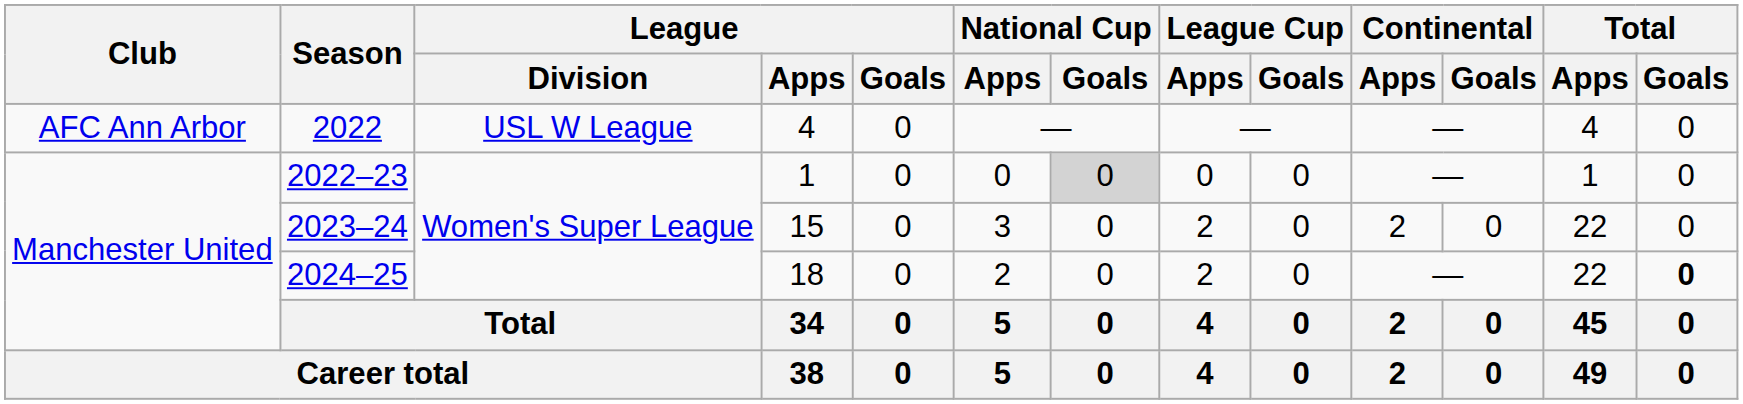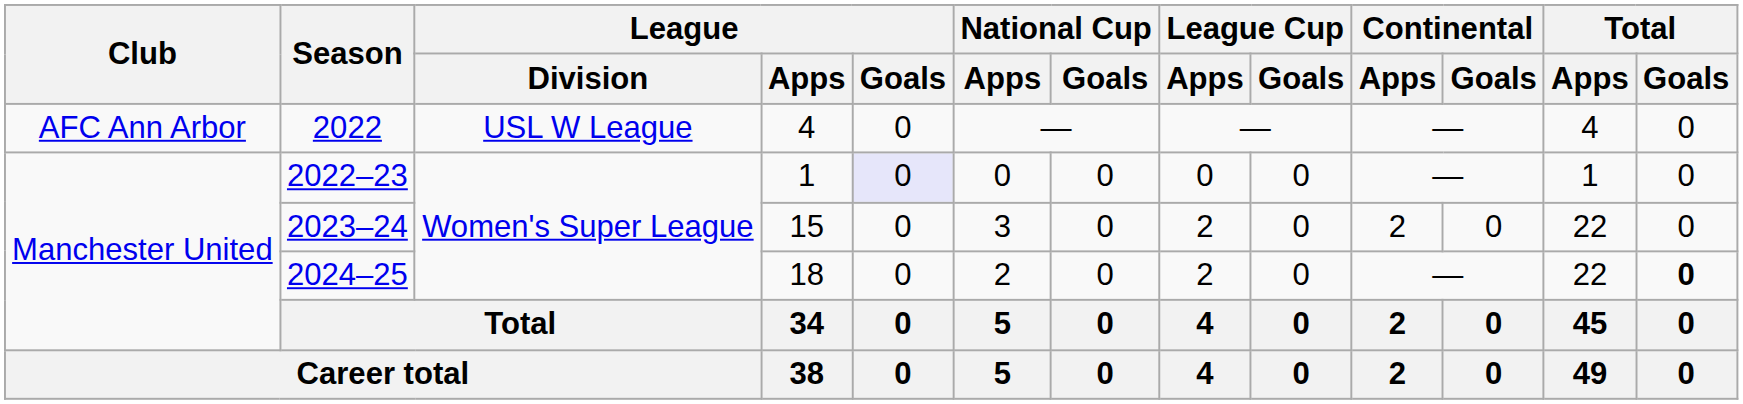 <table class="wikitable" style="text-align: center;">
 <tr>
 <th rowspan="2">Club</th>
 <th rowspan="2">Season</th>
 <th colspan="3">League</th>
 <th colspan="2">National Cup</th>
 <th colspan="2">League Cup</th>
 <th colspan="2">Continental</th>
 <th colspan="2">Total</th>
 </tr>
 <tr>
 <th>Division</th>
 <th>Apps</th>
 <th>Goals</th>
 <th>Apps</th>
 <th>Goals</th>
 <th>Apps</th>
 <th>Goals</th>
 <th>Apps</th>
 <th>Goals</th>
 <th>Apps</th>
 <th>Goals</th>
 </tr>
 <tr>
 <td><a href='#'>AFC Ann Arbor</a></td>
 <td><a href='#'>2022</a></td>
 <td><a href='#'>USL W League</a></td>
 <td>4</td>
 <td>0</td>
 <td colspan="2">—</td>
 <td colspan="2">—</td>
 <td colspan="2">—</td>
 <td>4</td>
 <td>0</td>
 </tr>
 <tr>
 <td rowspan="4"><a href='#'>Manchester United</a></td>
 <td><a href='#'>2022–23</a></td>
 <td rowspan="3"><a href='#'>Women's Super League</a></td>
 <td>1</td>
+<td style="background: lavender;">0</td>
 <td>0</td>
 <td>0</td>
-<td style="background: lightgrey;">0</td>
 <td>0</td>
 <td>0</td>
 <td colspan="2">—</td>
 <td>1</td>
 <td>0</td>
 </tr>
 <tr>
 <td><a href='#'>2023–24</a></td>
 <td>15</td>
 <td>0</td>
 <td>3</td>
 <td>0</td>
 <td>2</td>
 <td>0</td>
 <td>2</td>
 <td>0</td>
 <td>22</td>
 <td>0</td>
 </tr>
 <tr>
 <td><a href='#'>2024–25</a></td>
 <td>18</td>
 <td>0</td>
 <td>2</td>
 <td>0</td>
 <td>2</td>
 <td>0</td>
 <td colspan="2">—</td>
 <td>22</td>
 <td><strong>0</strong></td>
 </tr>
 <tr>
 <th colspan="2">Total</th>
 <th>34</th>
 <th>0</th>
 <th>5</th>
 <th>0</th>
 <th>4</th>
 <th>0</th>
 <th>2</th>
 <th>0</th>
 <th>45</th>
 <th>0</th>
 </tr>
 <tr>
 <th colspan="3">Career total</th>
 <th>38</th>
 <th>0</th>
 <th>5</th>
 <th>0</th>
 <th>4</th>
 <th>0</th>
 <th>2</th>
 <th>0</th>
 <th>49</th>
 <th>0</th>
 </tr>
 </table>
